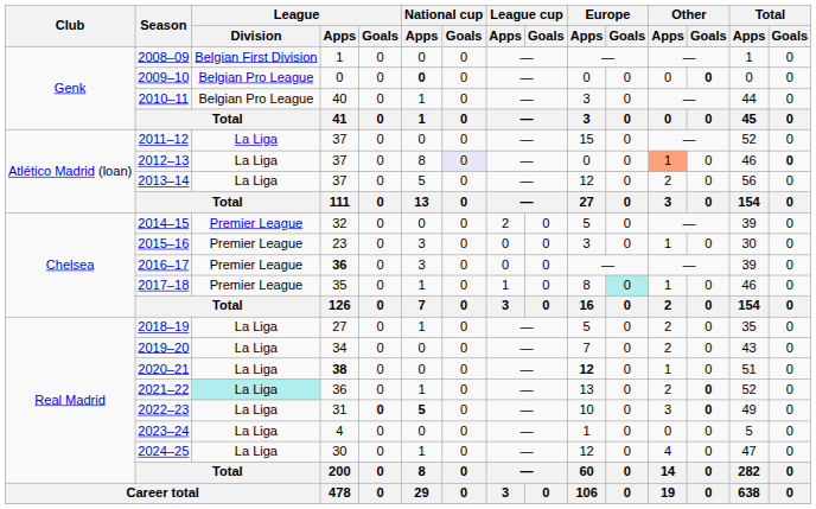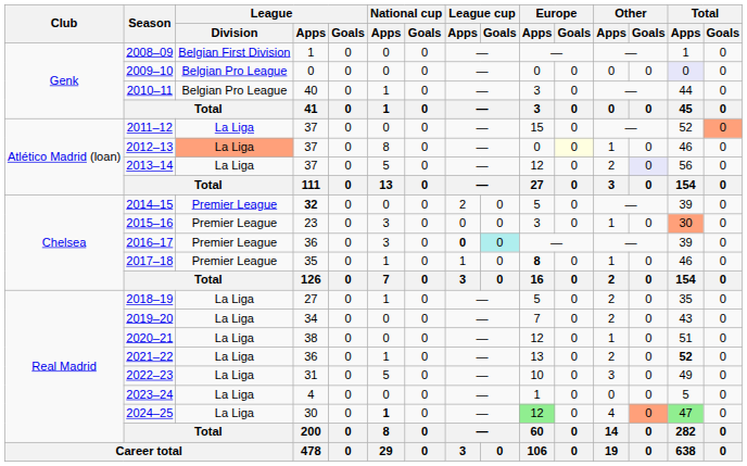 <table class="wikitable" style="text-align: center;">
 <tr>
 <th rowspan="2">Club</th>
 <th rowspan="2">Season</th>
 <th colspan="3">League</th>
 <th colspan="2">National cup</th>
 <th colspan="2">League cup</th>
 <th colspan="2">Europe</th>
 <th colspan="2">Other</th>
 <th colspan="2">Total</th>
 </tr>
 <tr>
 <th>Division</th>
 <th>Apps</th>
 <th>Goals</th>
 <th>Apps</th>
 <th>Goals</th>
 <th>Apps</th>
 <th>Goals</th>
 <th>Apps</th>
 <th>Goals</th>
 <th>Apps</th>
 <th>Goals</th>
 <th>Apps</th>
 <th>Goals</th>
 </tr>
 <tr>
 <td rowspan="4"><a href='#'>Genk</a></td>
 <td><a href='#'>2008–09</a></td>
 <td><a href='#'>Belgian First Division</a></td>
 <td>1</td>
 <td>0</td>
 <td>0</td>
 <td>0</td>
 <td colspan="2">—</td>
 <td colspan="2">—</td>
 <td colspan="2">—</td>
 <td>1</td>
 <td>0</td>
 </tr>
 <tr>
 <td><a href='#'>2009–10</a></td>
 <td><a href='#'>Belgian Pro League</a></td>
 <td>0</td>
 <td>0</td>
-<td><strong>0</strong></td>
+<td>0</td>
 <td>0</td>
 <td colspan="2">—</td>
 <td>0</td>
 <td>0</td>
 <td>0</td>
-<td><strong>0</strong></td>
 <td>0</td>
+<td style="background: lavender;">0</td>
 <td>0</td>
 </tr>
 <tr>
 <td><a href='#'>2010–11</a></td>
 <td>Belgian Pro League</td>
 <td>40</td>
 <td>0</td>
 <td>1</td>
 <td>0</td>
 <td colspan="2">—</td>
 <td>3</td>
 <td>0</td>
 <td colspan=2>—</td>
 <td>44</td>
 <td>0</td>
 </tr>
 <tr>
 <th colspan="2">Total</th>
 <th>41</th>
 <th>0</th>
 <th>1</th>
 <th>0</th>
 <th colspan="2">—</th>
 <th>3</th>
 <th>0</th>
 <th>0</th>
 <th>0</th>
 <th>45</th>
 <th>0</th>
 </tr>
 <tr>
 <td rowspan="4"><a href='#'>Atlético Madrid</a> (loan)</td>
 <td><a href='#'>2011–12</a></td>
 <td><a href='#'>La Liga</a></td>
 <td>37</td>
 <td>0</td>
 <td>0</td>
 <td>0</td>
 <td colspan="2">—</td>
 <td>15</td>
 <td>0</td>
 <td colspan="2">—</td>
 <td>52</td>
-<td>0</td>
+<td style="background: lightsalmon;">0</td>
 </tr>
 <tr>
 <td><a href='#'>2012–13</a></td>
-<td>La Liga</td>
+<td style="background: lightsalmon;">La Liga</td>
 <td>37</td>
 <td>0</td>
 <td>8</td>
-<td style="background: lavender;">0</td>
+<td>0</td>
 <td colspan="2">—</td>
 <td>0</td>
-<td>0</td>
-<td style="background: lightsalmon;">1</td>
+<td style="background: lightyellow;">0</td>
+<td>1</td>
 <td>0</td>
 <td>46</td>
-<td><strong>0</strong></td>
+<td>0</td>
 </tr>
 <tr>
 <td><a href='#'>2013–14</a></td>
 <td>La Liga</td>
 <td>37</td>
 <td>0</td>
 <td>5</td>
 <td>0</td>
 <td colspan="2">—</td>
 <td>12</td>
 <td>0</td>
 <td>2</td>
-<td>0</td>
+<td style="background: lavender;">0</td>
 <td>56</td>
 <td>0</td>
 </tr>
 <tr>
 <th colspan="2">Total</th>
 <th>111</th>
 <th>0</th>
 <th>13</th>
 <th>0</th>
 <th colspan="2">—</th>
 <th>27</th>
 <th>0</th>
 <th>3</th>
 <th>0</th>
 <th>154</th>
 <th>0</th>
 </tr>
 <tr>
 <td rowspan="5"><a href='#'>Chelsea</a></td>
 <td><a href='#'>2014–15</a></td>
 <td><a href='#'>Premier League</a></td>
-<td>32</td>
+<td><strong>32</strong></td>
 <td>0</td>
 <td>0</td>
 <td>0</td>
 <td>2</td>
 <td>0</td>
 <td>5</td>
 <td>0</td>
 <td colspan="2">—</td>
 <td>39</td>
 <td>0</td>
 </tr>
 <tr>
 <td><a href='#'>2015–16</a></td>
 <td>Premier League</td>
 <td>23</td>
 <td>0</td>
 <td>3</td>
 <td>0</td>
 <td>0</td>
 <td>0</td>
 <td>3</td>
 <td>0</td>
 <td>1</td>
 <td>0</td>
-<td>30</td>
+<td style="background: lightsalmon;">30</td>
 <td>0</td>
 </tr>
 <tr>
 <td><a href='#'>2016–17</a></td>
 <td>Premier League</td>
-<td><strong>36</strong></td>
+<td>36</td>
 <td>0</td>
 <td>3</td>
 <td>0</td>
-<td>0</td>
-<td>0</td>
+<td><strong>0</strong></td>
+<td style="background: paleturquoise;">0</td>
 <td colspan="2">—</td>
 <td colspan="2">—</td>
 <td>39</td>
 <td>0</td>
 </tr>
 <tr>
 <td><a href='#'>2017–18</a></td>
 <td>Premier League</td>
 <td>35</td>
 <td>0</td>
 <td>1</td>
 <td>0</td>
 <td>1</td>
 <td>0</td>
-<td>8</td>
-<td style="background: paleturquoise;">0</td>
+<td><strong>8</strong></td>
+<td>0</td>
 <td>1</td>
 <td>0</td>
 <td>46</td>
 <td>0</td>
 </tr>
 <tr>
 <th colspan="2">Total</th>
 <th>126</th>
 <th>0</th>
 <th>7</th>
 <th>0</th>
 <th>3</th>
 <th>0</th>
 <th>16</th>
 <th>0</th>
 <th>2</th>
 <th>0</th>
 <th>154</th>
 <th>0</th>
 </tr>
 <tr>
 <td rowspan="8"><a href='#'>Real Madrid</a></td>
 <td><a href='#'>2018–19</a></td>
 <td>La Liga</td>
 <td>27</td>
 <td>0</td>
 <td>1</td>
 <td>0</td>
 <td colspan="2">—</td>
 <td>5</td>
 <td>0</td>
 <td>2</td>
 <td>0</td>
 <td>35</td>
 <td>0</td>
 </tr>
 <tr>
 <td><a href='#'>2019–20</a></td>
 <td>La Liga</td>
 <td>34</td>
 <td>0</td>
 <td>0</td>
 <td>0</td>
 <td colspan="2">—</td>
 <td>7</td>
 <td>0</td>
 <td>2</td>
 <td>0</td>
 <td>43</td>
 <td>0</td>
 </tr>
 <tr>
 <td><a href='#'>2020–21</a></td>
 <td>La Liga</td>
-<td><strong>38</strong></td>
+<td>38</td>
 <td>0</td>
 <td>0</td>
 <td>0</td>
 <td colspan="2">—</td>
-<td><strong>12</strong></td>
+<td>12</td>
 <td>0</td>
 <td>1</td>
 <td>0</td>
 <td>51</td>
 <td>0</td>
 </tr>
 <tr>
 <td><a href='#'>2021–22</a></td>
-<td style="background: paleturquoise;">La Liga</td>
+<td>La Liga</td>
 <td>36</td>
 <td>0</td>
 <td>1</td>
 <td>0</td>
 <td colspan="2">—</td>
 <td>13</td>
 <td>0</td>
 <td>2</td>
-<td><strong>0</strong></td>
-<td>52</td>
+<td>0</td>
+<td><strong>52</strong></td>
 <td>0</td>
 </tr>
 <tr>
 <td><a href='#'>2022–23</a></td>
 <td>La Liga</td>
 <td>31</td>
-<td><strong>0</strong></td>
-<td><strong>5</strong></td>
+<td>0</td>
+<td>5</td>
 <td>0</td>
 <td colspan="2">—</td>
 <td>10</td>
 <td>0</td>
 <td>3</td>
-<td><strong>0</strong></td>
+<td>0</td>
 <td>49</td>
 <td>0</td>
 </tr>
 <tr>
 <td><a href='#'>2023–24</a></td>
 <td>La Liga</td>
 <td>4</td>
 <td>0</td>
 <td>0</td>
 <td>0</td>
 <td colspan="2">—</td>
 <td>1</td>
 <td>0</td>
 <td>0</td>
 <td>0</td>
 <td>5</td>
 <td>0</td>
 </tr>
 <tr>
 <td><a href='#'>2024–25</a></td>
 <td>La Liga</td>
 <td>30</td>
 <td>0</td>
-<td>1</td>
+<td><strong>1</strong></td>
 <td>0</td>
 <td colspan="2">—</td>
-<td>12</td>
+<td style="background: lightgreen;">12</td>
 <td>0</td>
 <td>4</td>
-<td>0</td>
-<td>47</td>
+<td style="background: lightsalmon;">0</td>
+<td style="background: lightgreen;">47</td>
 <td>0</td>
 </tr>
 <tr>
 <th colspan="2">Total</th>
 <th>200</th>
 <th>0</th>
 <th>8</th>
 <th>0</th>
 <th colspan="2">—</th>
 <th>60</th>
 <th>0</th>
 <th>14</th>
 <th>0</th>
 <th>282</th>
 <th>0</th>
 </tr>
 <tr>
 <th colspan="3">Career total</th>
 <th>478</th>
 <th>0</th>
 <th>29</th>
 <th>0</th>
 <th>3</th>
 <th>0</th>
 <th>106</th>
 <th>0</th>
 <th>19</th>
 <th>0</th>
 <th>638</th>
 <th>0</th>
 </tr>
 </table>
